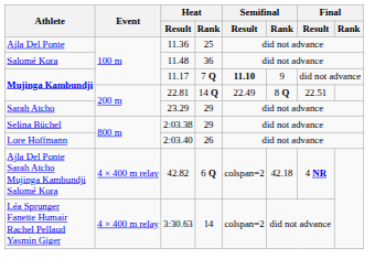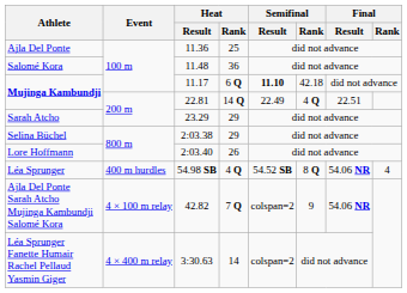 <table class="wikitable"  style=font-size:90%>
 <tr>
 <th rowspan="2">Athlete</th>
 <th rowspan="2">Event</th>
 <th colspan="2">Heat</th>
 <th colspan="2">Semifinal</th>
 <th colspan="2">Final</th>
 </tr>
 <tr>
 <th>Result</th>
 <th>Rank</th>
 <th>Result</th>
 <th>Rank</th>
 <th>Result</th>
 <th>Rank</th>
 </tr>
 <tr style=text-align:center>
 <td style=text-align:left><a href='#'>Ajla Del Ponte</a></td>
 <td style=text-align:left rowspan=3><a href='#'>100 m</a></td>
 <td>11.36</td>
 <td>25</td>
 <td colspan=4>did not advance</td>
 </tr>
 <tr style=text-align:center>
 <td style=text-align:left><a href='#'>Salomé Kora</a></td>
 <td>11.48</td>
 <td>36</td>
 <td colspan=4>did not advance</td>
 </tr>
 <tr style=text-align:center>
 <td style=text-align:left rowspan=2><strong><a href='#'>Mujinga Kambundji</a></strong></td>
 <td>11.17</td>
-<td>7 <strong>Q</strong></td>
+<td>6 <strong>Q</strong></td>
 <td><strong>11.10</strong></td>
-<td>9</td>
+<td>42.18</td>
 <td colspan=2>did not advance</td>
 </tr>
 <tr style=text-align:center>
 <td style=text-align:left rowspan=2><a href='#'>200 m</a></td>
 <td>22.81</td>
 <td>14 <strong>Q</strong></td>
 <td>22.49</td>
-<td>8 <strong>Q</strong></td>
+<td>4 <strong>Q</strong></td>
 <td>22.51</td>
 <td></td>
 </tr>
 <tr style=text-align:center>
 <td style=text-align:left><a href='#'>Sarah Atcho</a></td>
 <td>23.29</td>
 <td>29</td>
 <td colspan=4>did not advance</td>
 </tr>
 <tr style=text-align:center>
 <td style=text-align:left><a href='#'>Selina Büchel</a></td>
 <td style=text-align:left rowspan=2><a href='#'>800 m</a></td>
 <td>2:03.38</td>
 <td>29</td>
 <td colspan=4>did not advance</td>
 </tr>
 <tr style=text-align:center>
 <td style=text-align:left><a href='#'>Lore Hoffmann</a></td>
 <td>2:03.40</td>
 <td>26</td>
 <td colspan=4>did not advance</td>
 </tr>
 <tr style=text-align:center>
+<td style=text-align:left><a href='#'>Léa Sprunger</a></td>
+<td style=text-align:left><a href='#'>400 m hurdles</a></td>
+<td>54.98 <strong>SB</strong></td>
+<td>4 <strong>Q</strong></td>
+<td>54.52 <strong>SB</strong></td>
+<td>8 <strong>Q</strong></td>
+<td>54.06 <strong><a href='#'>NR</a></strong></td>
+<td>4</td>
+</tr>
+<tr style=text-align:center>
 <td style=text-align:left><a href='#'>Ajla Del Ponte</a> <br> <a href='#'>Sarah Atcho</a><br> <a href='#'>Mujinga Kambundji</a><br> <a href='#'>Salomé Kora</a></td>
-<td style=text-align:left><a href='#'>4 × 400 m relay</a></td>
+<td style=text-align:left><a href='#'>4 × 100 m relay</a></td>
 <td>42.82</td>
-<td>6 <strong>Q</strong></td>
+<td>7 <strong>Q</strong></td>
 <td>colspan=2</td>
-<td>42.18</td>
-<td>4 <strong><a href='#'>NR</a></strong></td>
+<td>9</td>
+<td>54.06 <strong><a href='#'>NR</a></strong></td>
 </tr>
 <tr style=text-align:center>
 <td style=text-align:left><a href='#'>Léa Sprunger</a><br> <a href='#'>Fanette Humair</a><br> <a href='#'>Rachel Pellaud</a><br> <a href='#'>Yasmin Giger</a></td>
 <td style=text-align:left><a href='#'>4 × 400 m relay</a></td>
 <td>3:30.63</td>
 <td>14</td>
 <td>colspan=2</td>
 <td colspan=2>did not advance</td>
 </tr>
 </table>
